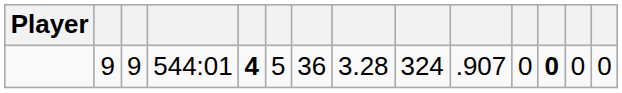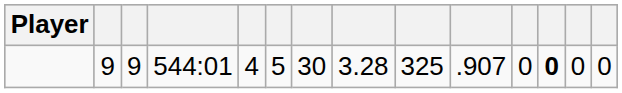 <table class="wikitable sortable" style="text-align:center;">
 <tr>
 <th>Player</th>
 <th></th>
 <th></th>
 <th></th>
 <th></th>
 <th></th>
 <th></th>
 <th></th>
 <th></th>
 <th></th>
 <th></th>
 <th></th>
 <th></th>
 <th></th>
 </tr>
 <tr>
 <td></td>
 <td>9</td>
 <td>9</td>
 <td>544:01</td>
-<td><strong>4</strong></td>
+<td>4</td>
 <td>5</td>
-<td>36</td>
+<td>30</td>
 <td>3.28</td>
-<td>324</td>
+<td>325</td>
 <td>.907</td>
 <td>0</td>
 <td><strong>0</strong></td>
 <td>0</td>
 <td>0</td>
 </tr>
 </table>
